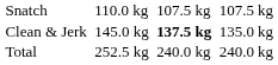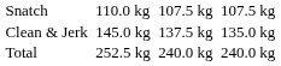 <table>
 <tr>
 <td>Snatch</td>
 <td></td>
 <td>110.0 kg</td>
 <td></td>
 <td>107.5 kg</td>
 <td></td>
 <td>107.5 kg</td>
 </tr>
 <tr>
 <td>Clean & Jerk</td>
 <td></td>
 <td>145.0 kg</td>
 <td></td>
-<td><strong>137.5 kg</strong></td>
+<td>137.5 kg</td>
 <td></td>
 <td>135.0 kg</td>
 </tr>
 <tr>
 <td>Total</td>
 <td></td>
 <td>252.5 kg</td>
 <td></td>
 <td>240.0 kg</td>
 <td></td>
 <td>240.0 kg</td>
 </tr>
 </table>
